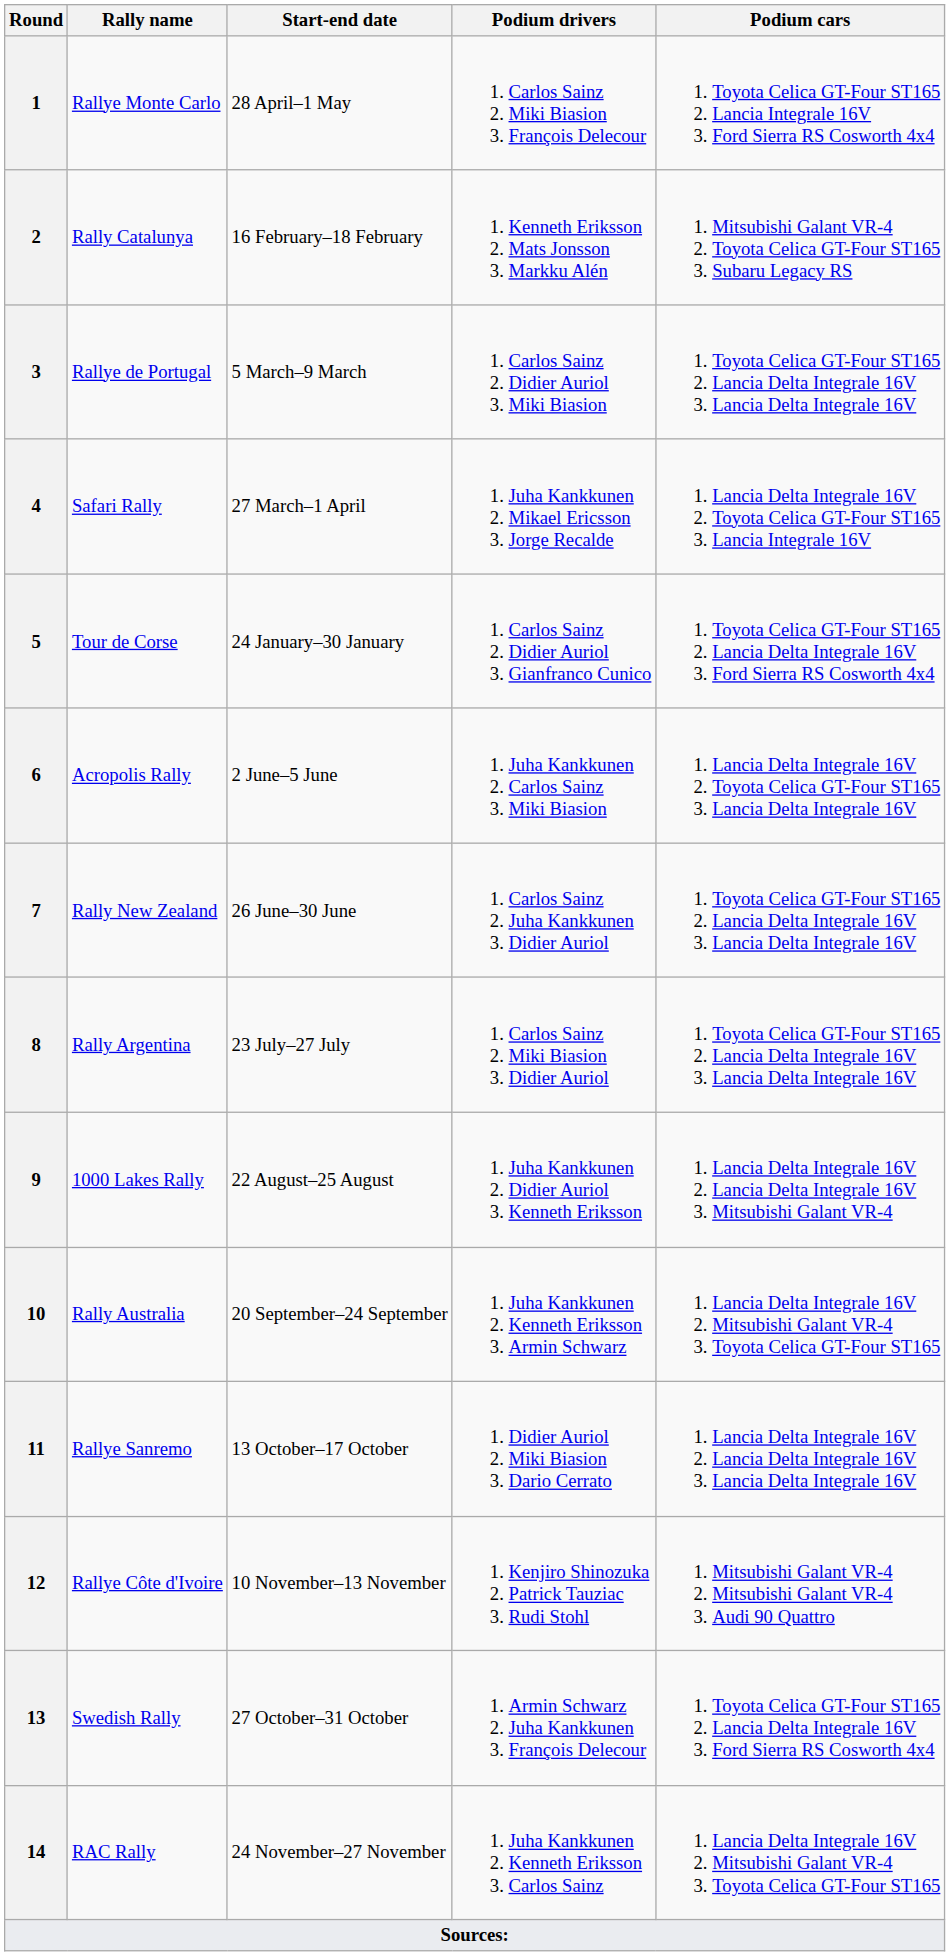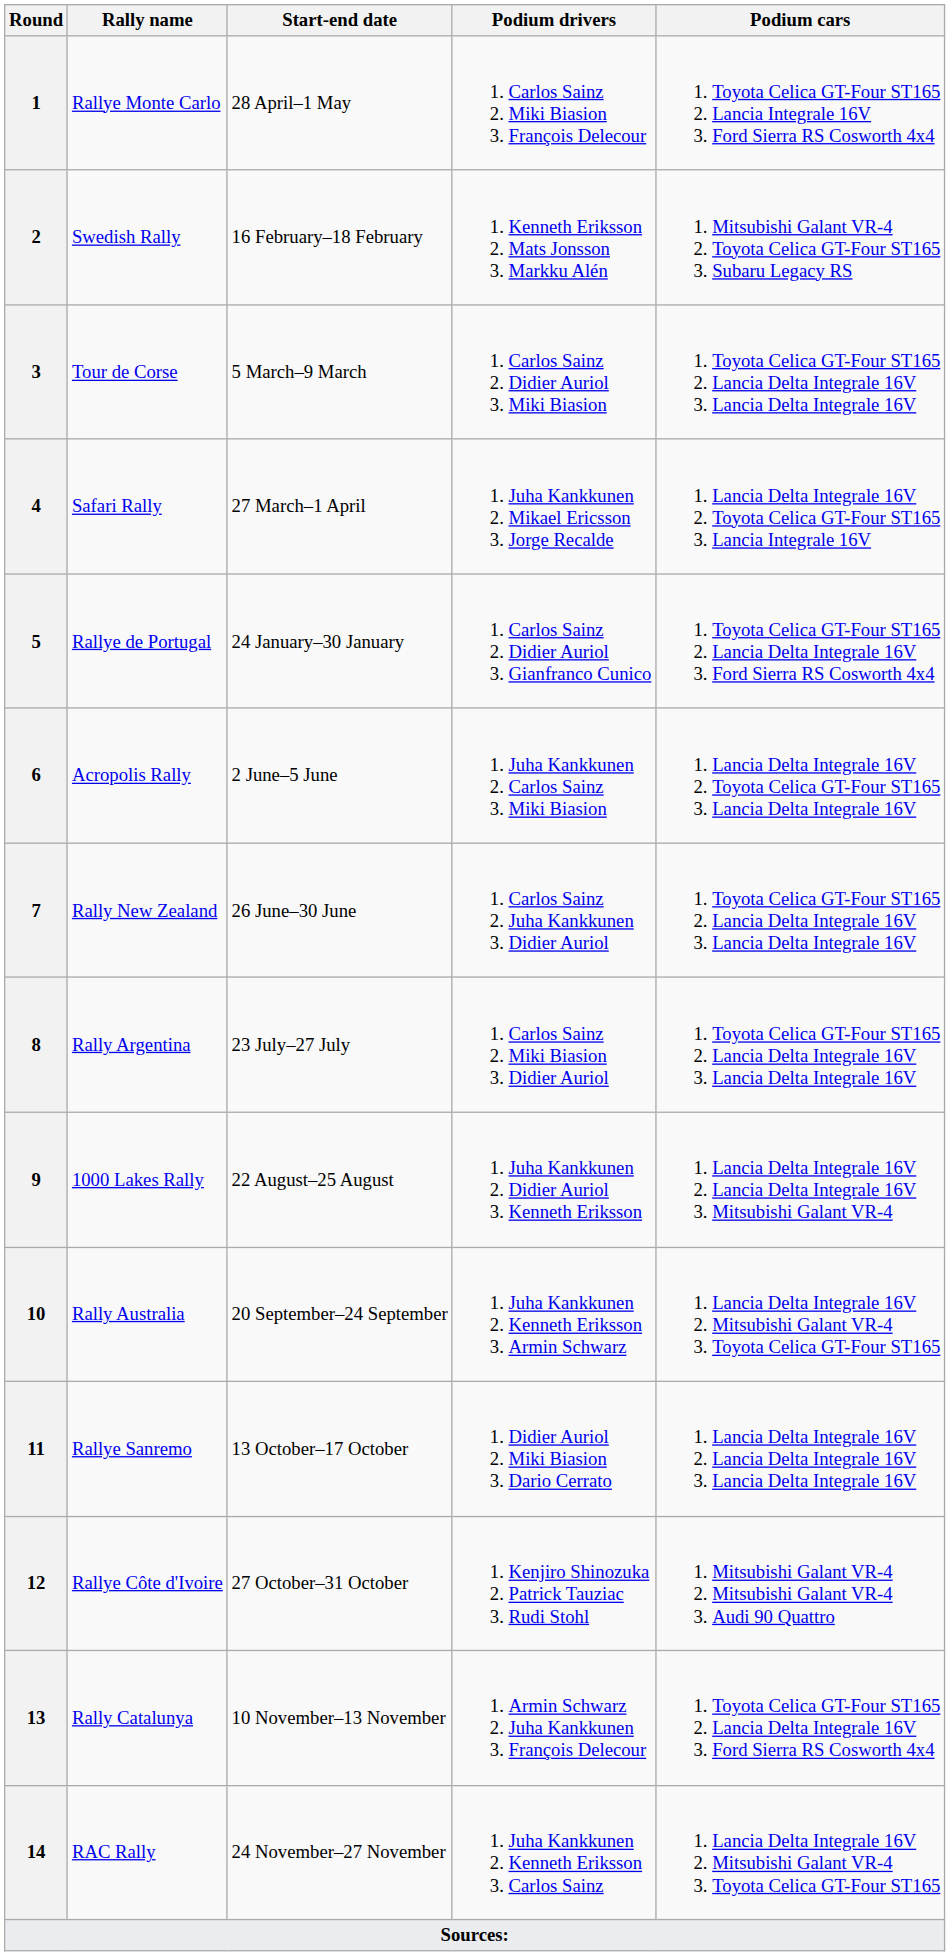 <table class="wikitable" style="font-size:90%;">
 <tr style="background:#efefef;">
 <th>Round</th>
 <th colspan=1>Rally name</th>
 <th>Start-end date</th>
 <th>Podium drivers</th>
 <th>Podium cars</th>
 </tr>
 <tr>
 <th>1</th>
 <td> <a href='#'>Rallye Monte Carlo</a></td>
 <td>28 April–1 May</td>
 <td><br><ol><li> <a href='#'>Carlos Sainz</a></li><li> <a href='#'>Miki Biasion</a></li><li> <a href='#'>François Delecour</a></li></ol></td>
 <td><br><ol><li><a href='#'>Toyota Celica GT-Four ST165</a></li><li><a href='#'>Lancia Integrale 16V</a></li><li><a href='#'>Ford Sierra RS Cosworth 4x4</a></li></ol></td>
 </tr>
 <tr>
 <th>2</th>
-<td> <a href='#'>Rally Catalunya</a></td>
+<td> <a href='#'>Swedish Rally</a></td>
 <td>16 February–18 February</td>
 <td><br><ol><li> <a href='#'>Kenneth Eriksson</a></li><li> <a href='#'>Mats Jonsson</a></li><li> <a href='#'>Markku Alén</a></li></ol></td>
 <td><br><ol><li><a href='#'>Mitsubishi Galant VR-4</a></li><li><a href='#'>Toyota Celica GT-Four ST165</a></li><li><a href='#'>Subaru Legacy RS</a></li></ol></td>
 </tr>
 <tr>
 <th>3</th>
-<td> <a href='#'>Rallye de Portugal</a></td>
+<td> <a href='#'>Tour de Corse</a></td>
 <td>5 March–9 March</td>
 <td><br><ol><li> <a href='#'>Carlos Sainz</a></li><li> <a href='#'>Didier Auriol</a></li><li> <a href='#'>Miki Biasion</a></li></ol></td>
 <td><br><ol><li><a href='#'>Toyota Celica GT-Four ST165</a></li><li><a href='#'>Lancia Delta Integrale 16V</a></li><li><a href='#'>Lancia Delta Integrale 16V</a></li></ol></td>
 </tr>
 <tr>
 <th>4</th>
 <td> <a href='#'>Safari Rally</a></td>
 <td>27 March–1 April</td>
 <td><br><ol><li> <a href='#'>Juha Kankkunen</a></li><li> <a href='#'>Mikael Ericsson</a></li><li> <a href='#'>Jorge Recalde</a></li></ol></td>
 <td><br><ol><li><a href='#'>Lancia Delta Integrale 16V</a></li><li><a href='#'>Toyota Celica GT-Four ST165</a></li><li><a href='#'>Lancia Integrale 16V</a></li></ol></td>
 </tr>
 <tr>
 <th>5</th>
-<td> <a href='#'>Tour de Corse</a></td>
+<td> <a href='#'>Rallye de Portugal</a></td>
 <td>24 January–30 January</td>
 <td><br><ol><li> <a href='#'>Carlos Sainz</a></li><li> <a href='#'>Didier Auriol</a></li><li> <a href='#'>Gianfranco Cunico</a></li></ol></td>
 <td><br><ol><li><a href='#'>Toyota Celica GT-Four ST165</a></li><li><a href='#'>Lancia Delta Integrale 16V</a></li><li><a href='#'>Ford Sierra RS Cosworth 4x4</a></li></ol></td>
 </tr>
 <tr>
 <th>6</th>
 <td> <a href='#'>Acropolis Rally</a></td>
 <td>2 June–5 June</td>
 <td><br><ol><li> <a href='#'>Juha Kankkunen</a></li><li> <a href='#'>Carlos Sainz</a></li><li> <a href='#'>Miki Biasion</a></li></ol></td>
 <td><br><ol><li><a href='#'>Lancia Delta Integrale 16V</a></li><li><a href='#'>Toyota Celica GT-Four ST165</a></li><li><a href='#'>Lancia Delta Integrale 16V</a></li></ol></td>
 </tr>
 <tr>
 <th>7</th>
 <td> <a href='#'>Rally New Zealand</a></td>
 <td>26 June–30 June</td>
 <td><br><ol><li> <a href='#'>Carlos Sainz</a></li><li> <a href='#'>Juha Kankkunen</a></li><li> <a href='#'>Didier Auriol</a></li></ol></td>
 <td><br><ol><li><a href='#'>Toyota Celica GT-Four ST165</a></li><li><a href='#'>Lancia Delta Integrale 16V</a></li><li><a href='#'>Lancia Delta Integrale 16V</a></li></ol></td>
 </tr>
 <tr>
 <th>8</th>
 <td> <a href='#'>Rally Argentina</a></td>
 <td>23 July–27 July</td>
 <td><br><ol><li> <a href='#'>Carlos Sainz</a></li><li> <a href='#'>Miki Biasion</a></li><li> <a href='#'>Didier Auriol</a></li></ol></td>
 <td><br><ol><li><a href='#'>Toyota Celica GT-Four ST165</a></li><li><a href='#'>Lancia Delta Integrale 16V</a></li><li><a href='#'>Lancia Delta Integrale 16V</a></li></ol></td>
 </tr>
 <tr>
 <th>9</th>
 <td> <a href='#'>1000 Lakes Rally</a></td>
 <td>22 August–25 August</td>
 <td><br><ol><li> <a href='#'>Juha Kankkunen</a></li><li> <a href='#'>Didier Auriol</a></li><li> <a href='#'>Kenneth Eriksson</a></li></ol></td>
 <td><br><ol><li><a href='#'>Lancia Delta Integrale 16V</a></li><li><a href='#'>Lancia Delta Integrale 16V</a></li><li><a href='#'>Mitsubishi Galant VR-4</a></li></ol></td>
 </tr>
 <tr>
 <th>10</th>
 <td> <a href='#'>Rally Australia</a></td>
 <td>20 September–24 September</td>
 <td><br><ol><li> <a href='#'>Juha Kankkunen</a></li><li> <a href='#'>Kenneth Eriksson</a></li><li> <a href='#'>Armin Schwarz</a></li></ol></td>
 <td><br><ol><li><a href='#'>Lancia Delta Integrale 16V</a></li><li><a href='#'>Mitsubishi Galant VR-4</a></li><li><a href='#'>Toyota Celica GT-Four ST165</a></li></ol></td>
 </tr>
 <tr>
 <th>11</th>
 <td> <a href='#'>Rallye Sanremo</a></td>
 <td>13 October–17 October</td>
 <td><br><ol><li> <a href='#'>Didier Auriol</a></li><li> <a href='#'>Miki Biasion</a></li><li> <a href='#'>Dario Cerrato</a></li></ol></td>
 <td><br><ol><li><a href='#'>Lancia Delta Integrale 16V</a></li><li><a href='#'>Lancia Delta Integrale 16V</a></li><li><a href='#'>Lancia Delta Integrale 16V</a></li></ol></td>
 </tr>
 <tr>
 <th>12</th>
 <td> <a href='#'>Rallye Côte d'Ivoire</a></td>
-<td>10 November–13 November</td>
+<td>27 October–31 October</td>
 <td><br><ol><li> <a href='#'>Kenjiro Shinozuka</a></li><li> <a href='#'>Patrick Tauziac</a></li><li> <a href='#'>Rudi Stohl</a></li></ol></td>
 <td><br><ol><li><a href='#'>Mitsubishi Galant VR-4</a></li><li><a href='#'>Mitsubishi Galant VR-4</a></li><li><a href='#'>Audi 90 Quattro</a></li></ol></td>
 </tr>
 <tr>
 <th>13</th>
-<td> <a href='#'>Swedish Rally</a></td>
-<td>27 October–31 October</td>
+<td> <a href='#'>Rally Catalunya</a></td>
+<td>10 November–13 November</td>
 <td><br><ol><li> <a href='#'>Armin Schwarz</a></li><li> <a href='#'>Juha Kankkunen</a></li><li> <a href='#'>François Delecour</a></li></ol></td>
 <td><br><ol><li><a href='#'>Toyota Celica GT-Four ST165</a></li><li><a href='#'>Lancia Delta Integrale 16V</a></li><li><a href='#'>Ford Sierra RS Cosworth 4x4</a></li></ol></td>
 </tr>
 <tr>
 <th>14</th>
 <td> <a href='#'>RAC Rally</a></td>
 <td>24 November–27 November</td>
 <td><br><ol><li> <a href='#'>Juha Kankkunen</a></li><li> <a href='#'>Kenneth Eriksson</a></li><li> <a href='#'>Carlos Sainz</a></li></ol></td>
 <td><br><ol><li><a href='#'>Lancia Delta Integrale 16V</a></li><li><a href='#'>Mitsubishi Galant VR-4</a></li><li><a href='#'>Toyota Celica GT-Four ST165</a></li></ol></td>
 </tr>
 <tr>
 <td colspan="6" style="background-color:#EAECF0;text-align:center"><strong>Sources:</strong></td>
 </tr>
 </table>
